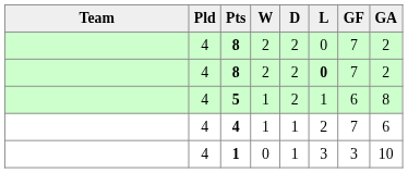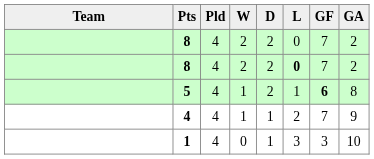 <table style=border-collapse:collapse border=1 cellspacing=0 cellpadding=5>
 <tr align=center bgcolor=#efefef>
 <th width=185>Team</th>
+<th width=20>Pts</th>
 <th width=20>Pld</th>
-<th width=20>Pts</th>
 <th width=20>W</th>
 <th width=20>D</th>
 <th width=20>L</th>
 <th width=20>GF</th>
 <th width=20>GA</th>
 </tr>
 <tr align=center style="background:#ccffcc">
 <td style="text-align:left;"></td>
+<td><strong>8</strong></td>
 <td>4</td>
-<td><strong>8</strong></td>
 <td>2</td>
 <td>2</td>
 <td>0</td>
 <td>7</td>
 <td>2</td>
 </tr>
 <tr align=center style="background:#ccffcc">
 <td style="text-align:left;"></td>
+<td><strong>8</strong></td>
 <td>4</td>
-<td><strong>8</strong></td>
 <td>2</td>
 <td>2</td>
 <td><strong>0</strong></td>
 <td>7</td>
 <td>2</td>
 </tr>
 <tr align=center style="background:#ccffcc">
 <td style="text-align:left;"></td>
+<td><strong>5</strong></td>
 <td>4</td>
-<td><strong>5</strong></td>
 <td>1</td>
 <td>2</td>
 <td>1</td>
-<td>6</td>
+<td><strong>6</strong></td>
 <td>8</td>
 </tr>
 <tr align=center>
 <td style="text-align:left;"></td>
+<td><strong>4</strong></td>
 <td>4</td>
-<td><strong>4</strong></td>
 <td>1</td>
 <td>1</td>
 <td>2</td>
 <td>7</td>
-<td>6</td>
+<td>9</td>
 </tr>
 <tr align=center>
 <td style="text-align:left;"></td>
+<td><strong>1</strong></td>
 <td>4</td>
-<td><strong>1</strong></td>
 <td>0</td>
 <td>1</td>
 <td>3</td>
 <td>3</td>
 <td>10</td>
 </tr>
 </table>
